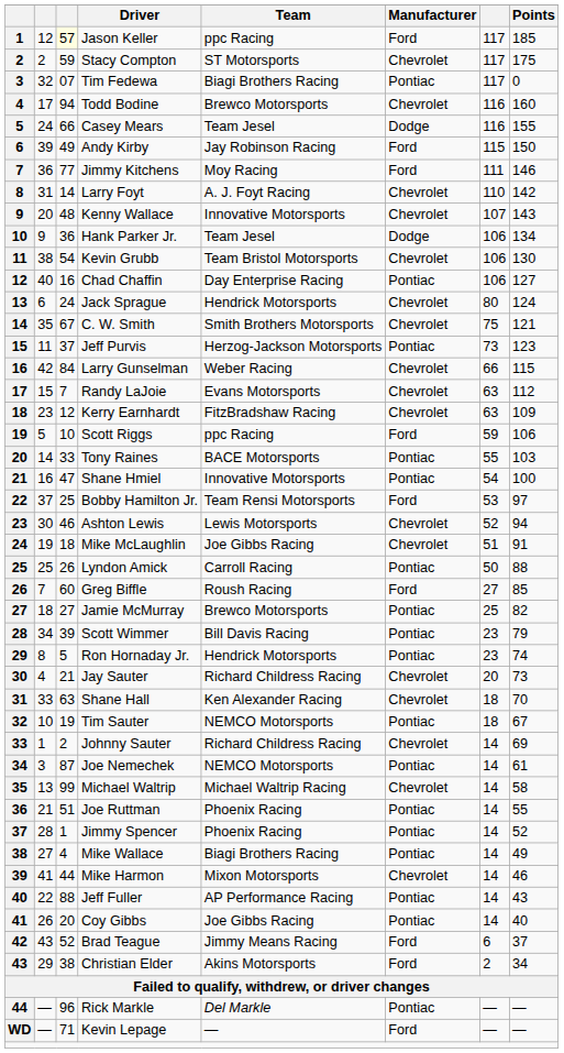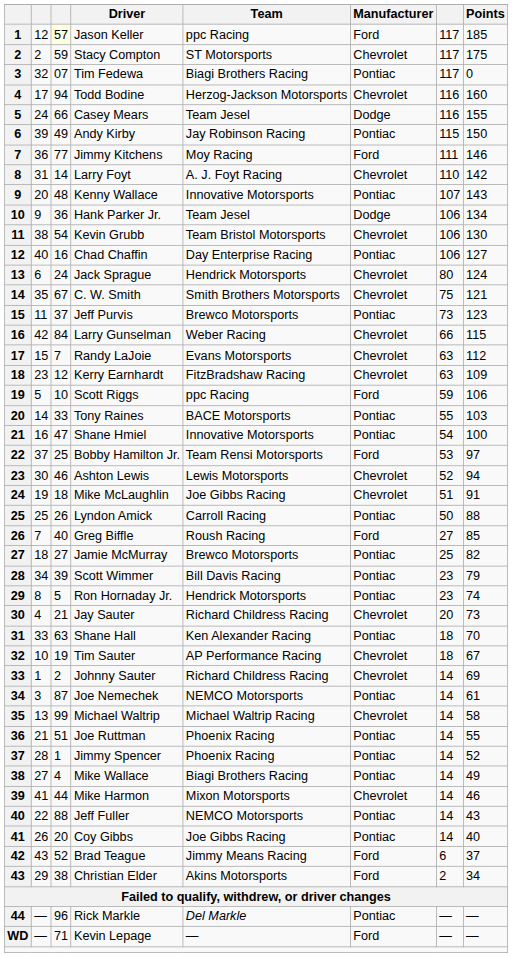 <table class="sortable wikitable" border="1">
 <tr>
 </tr>
 <tr>
 <th scope="col"></th>
 <th scope="col"></th>
 <th scope="col"></th>
 <th scope="col">Driver</th>
 <th scope="col">Team</th>
 <th scope="col">Manufacturer</th>
 <th scope="col"></th>
 <th scope="col">Points</th>
 </tr>
 <tr>
 <th scope="row">1</th>
 <td>12</td>
 <td style="background: lightyellow;">57</td>
 <td>Jason Keller</td>
 <td>ppc Racing</td>
 <td>Ford</td>
 <td>117</td>
 <td>185</td>
 </tr>
 <tr>
 <th scope="row">2</th>
 <td>2</td>
 <td>59</td>
 <td>Stacy Compton</td>
 <td>ST Motorsports</td>
 <td>Chevrolet</td>
 <td>117</td>
 <td>175</td>
 </tr>
 <tr>
 <th scope="row">3</th>
 <td>32</td>
 <td>07</td>
 <td>Tim Fedewa</td>
 <td>Biagi Brothers Racing</td>
 <td>Pontiac</td>
 <td>117</td>
 <td>0</td>
 </tr>
 <tr>
 <th scope="row">4</th>
 <td>17</td>
 <td>94</td>
 <td>Todd Bodine</td>
-<td>Brewco Motorsports</td>
+<td>Herzog-Jackson Motorsports</td>
 <td>Chevrolet</td>
 <td>116</td>
 <td>160</td>
 </tr>
 <tr>
 <th scope="row">5</th>
 <td>24</td>
 <td>66</td>
 <td>Casey Mears</td>
 <td>Team Jesel</td>
 <td>Dodge</td>
 <td>116</td>
 <td>155</td>
 </tr>
 <tr>
 <th scope="row">6</th>
 <td>39</td>
 <td>49</td>
 <td>Andy Kirby</td>
 <td>Jay Robinson Racing</td>
-<td>Ford</td>
+<td>Pontiac</td>
 <td>115</td>
 <td>150</td>
 </tr>
 <tr>
 <th scope="row">7</th>
 <td>36</td>
 <td>77</td>
 <td>Jimmy Kitchens</td>
 <td>Moy Racing</td>
 <td>Ford</td>
 <td>111</td>
 <td>146</td>
 </tr>
 <tr>
 <th scope="row">8</th>
 <td>31</td>
 <td>14</td>
 <td>Larry Foyt</td>
 <td>A. J. Foyt Racing</td>
 <td>Chevrolet</td>
 <td>110</td>
 <td>142</td>
 </tr>
 <tr>
 <th scope="row">9</th>
 <td>20</td>
 <td>48</td>
 <td>Kenny Wallace</td>
 <td>Innovative Motorsports</td>
-<td>Chevrolet</td>
+<td>Pontiac</td>
 <td>107</td>
 <td>143</td>
 </tr>
 <tr>
 <th scope="row">10</th>
 <td>9</td>
 <td>36</td>
 <td>Hank Parker Jr.</td>
 <td>Team Jesel</td>
 <td>Dodge</td>
 <td>106</td>
 <td>134</td>
 </tr>
 <tr>
 <th scope="row">11</th>
 <td>38</td>
 <td>54</td>
 <td>Kevin Grubb</td>
 <td>Team Bristol Motorsports</td>
 <td>Chevrolet</td>
 <td>106</td>
 <td>130</td>
 </tr>
 <tr>
 <th scope="row">12</th>
 <td>40</td>
 <td>16</td>
 <td>Chad Chaffin</td>
 <td>Day Enterprise Racing</td>
 <td>Pontiac</td>
 <td>106</td>
 <td>127</td>
 </tr>
 <tr>
 <th scope="row">13</th>
 <td>6</td>
 <td>24</td>
 <td>Jack Sprague</td>
 <td>Hendrick Motorsports</td>
 <td>Chevrolet</td>
 <td>80</td>
 <td>124</td>
 </tr>
 <tr>
 <th scope="row">14</th>
 <td>35</td>
 <td>67</td>
 <td>C. W. Smith</td>
 <td>Smith Brothers Motorsports</td>
 <td>Chevrolet</td>
 <td>75</td>
 <td>121</td>
 </tr>
 <tr>
 <th scope="row">15</th>
 <td>11</td>
 <td>37</td>
 <td>Jeff Purvis</td>
-<td>Herzog-Jackson Motorsports</td>
+<td>Brewco Motorsports</td>
 <td>Pontiac</td>
 <td>73</td>
 <td>123</td>
 </tr>
 <tr>
 <th scope="row">16</th>
 <td>42</td>
 <td>84</td>
 <td>Larry Gunselman</td>
 <td>Weber Racing</td>
 <td>Chevrolet</td>
 <td>66</td>
 <td>115</td>
 </tr>
 <tr>
 <th scope="row">17</th>
 <td>15</td>
 <td>7</td>
 <td>Randy LaJoie</td>
 <td>Evans Motorsports</td>
 <td>Chevrolet</td>
 <td>63</td>
 <td>112</td>
 </tr>
 <tr>
 <th scope="row">18</th>
 <td>23</td>
 <td>12</td>
 <td>Kerry Earnhardt</td>
 <td>FitzBradshaw Racing</td>
 <td>Chevrolet</td>
 <td>63</td>
 <td>109</td>
 </tr>
 <tr>
 <th scope="row">19</th>
 <td>5</td>
 <td>10</td>
 <td>Scott Riggs</td>
 <td>ppc Racing</td>
 <td>Ford</td>
 <td>59</td>
 <td>106</td>
 </tr>
 <tr>
 <th scope="row">20</th>
 <td>14</td>
 <td>33</td>
 <td>Tony Raines</td>
 <td>BACE Motorsports</td>
 <td>Pontiac</td>
 <td>55</td>
 <td>103</td>
 </tr>
 <tr>
 <th scope="row">21</th>
 <td>16</td>
 <td>47</td>
 <td>Shane Hmiel</td>
 <td>Innovative Motorsports</td>
 <td>Pontiac</td>
 <td>54</td>
 <td>100</td>
 </tr>
 <tr>
 <th scope="row">22</th>
 <td>37</td>
 <td>25</td>
 <td>Bobby Hamilton Jr.</td>
 <td>Team Rensi Motorsports</td>
 <td>Ford</td>
 <td>53</td>
 <td>97</td>
 </tr>
 <tr>
 <th scope="row">23</th>
 <td>30</td>
 <td>46</td>
 <td>Ashton Lewis</td>
 <td>Lewis Motorsports</td>
 <td>Chevrolet</td>
 <td>52</td>
 <td>94</td>
 </tr>
 <tr>
 <th scope="row">24</th>
 <td>19</td>
 <td>18</td>
 <td>Mike McLaughlin</td>
 <td>Joe Gibbs Racing</td>
 <td>Chevrolet</td>
 <td>51</td>
 <td>91</td>
 </tr>
 <tr>
 <th scope="row">25</th>
 <td>25</td>
 <td>26</td>
 <td>Lyndon Amick</td>
 <td>Carroll Racing</td>
 <td>Pontiac</td>
 <td>50</td>
 <td>88</td>
 </tr>
 <tr>
 <th scope="row">26</th>
 <td>7</td>
-<td>60</td>
+<td>40</td>
 <td>Greg Biffle</td>
 <td>Roush Racing</td>
 <td>Ford</td>
 <td>27</td>
 <td>85</td>
 </tr>
 <tr>
 <th scope="row">27</th>
 <td>18</td>
 <td>27</td>
 <td>Jamie McMurray</td>
 <td>Brewco Motorsports</td>
 <td>Pontiac</td>
 <td>25</td>
 <td>82</td>
 </tr>
 <tr>
 <th scope="row">28</th>
 <td>34</td>
 <td>39</td>
 <td>Scott Wimmer</td>
 <td>Bill Davis Racing</td>
 <td>Pontiac</td>
 <td>23</td>
 <td>79</td>
 </tr>
 <tr>
 <th scope="row">29</th>
 <td>8</td>
 <td>5</td>
 <td>Ron Hornaday Jr.</td>
 <td>Hendrick Motorsports</td>
 <td>Pontiac</td>
 <td>23</td>
 <td>74</td>
 </tr>
 <tr>
 <th scope="row">30</th>
 <td>4</td>
 <td>21</td>
 <td>Jay Sauter</td>
 <td>Richard Childress Racing</td>
 <td>Chevrolet</td>
 <td>20</td>
 <td>73</td>
 </tr>
 <tr>
 <th scope="row">31</th>
 <td>33</td>
 <td>63</td>
 <td>Shane Hall</td>
 <td>Ken Alexander Racing</td>
-<td>Chevrolet</td>
+<td>Pontiac</td>
 <td>18</td>
 <td>70</td>
 </tr>
 <tr>
 <th scope="row">32</th>
 <td>10</td>
 <td>19</td>
 <td>Tim Sauter</td>
-<td>NEMCO Motorsports</td>
-<td>Pontiac</td>
+<td>AP Performance Racing</td>
+<td>Chevrolet</td>
 <td>18</td>
 <td>67</td>
 </tr>
 <tr>
 <th scope="row">33</th>
 <td>1</td>
 <td>2</td>
 <td>Johnny Sauter</td>
 <td>Richard Childress Racing</td>
 <td>Chevrolet</td>
 <td>14</td>
 <td>69</td>
 </tr>
 <tr>
 <th scope="row">34</th>
 <td>3</td>
 <td>87</td>
 <td>Joe Nemechek</td>
 <td>NEMCO Motorsports</td>
 <td>Pontiac</td>
 <td>14</td>
 <td>61</td>
 </tr>
 <tr>
 <th scope="row">35</th>
 <td>13</td>
 <td>99</td>
 <td>Michael Waltrip</td>
 <td>Michael Waltrip Racing</td>
 <td>Chevrolet</td>
 <td>14</td>
 <td>58</td>
 </tr>
 <tr>
 <th scope="row">36</th>
 <td>21</td>
 <td>51</td>
 <td>Joe Ruttman</td>
 <td>Phoenix Racing</td>
 <td>Pontiac</td>
 <td>14</td>
 <td>55</td>
 </tr>
 <tr>
 <th scope="row">37</th>
 <td>28</td>
 <td>1</td>
 <td>Jimmy Spencer</td>
 <td>Phoenix Racing</td>
 <td>Pontiac</td>
 <td>14</td>
 <td>52</td>
 </tr>
 <tr>
 <th scope="row">38</th>
 <td>27</td>
 <td>4</td>
 <td>Mike Wallace</td>
 <td>Biagi Brothers Racing</td>
 <td>Pontiac</td>
 <td>14</td>
 <td>49</td>
 </tr>
 <tr>
 <th scope="row">39</th>
 <td>41</td>
 <td>44</td>
 <td>Mike Harmon</td>
 <td>Mixon Motorsports</td>
 <td>Chevrolet</td>
 <td>14</td>
 <td>46</td>
 </tr>
 <tr>
 <th scope="row">40</th>
 <td>22</td>
 <td>88</td>
 <td>Jeff Fuller</td>
-<td>AP Performance Racing</td>
+<td>NEMCO Motorsports</td>
 <td>Pontiac</td>
 <td>14</td>
 <td>43</td>
 </tr>
 <tr>
 <th scope="row">41</th>
 <td>26</td>
 <td>20</td>
 <td>Coy Gibbs</td>
 <td>Joe Gibbs Racing</td>
 <td>Pontiac</td>
 <td>14</td>
 <td>40</td>
 </tr>
 <tr>
 <th scope="row">42</th>
 <td>43</td>
 <td>52</td>
 <td>Brad Teague</td>
 <td>Jimmy Means Racing</td>
 <td>Ford</td>
 <td>6</td>
 <td>37</td>
 </tr>
 <tr>
 <th scope="row">43</th>
 <td>29</td>
 <td>38</td>
 <td>Christian Elder</td>
 <td>Akins Motorsports</td>
 <td>Ford</td>
 <td>2</td>
 <td>34</td>
 </tr>
 <tr>
 <th colspan="9"><strong>Failed to qualify, withdrew, or driver changes</strong></th>
 </tr>
 <tr>
 <th scope="row">44</th>
 <td>—</td>
 <td>96</td>
 <td>Rick Markle</td>
 <td><em>Del Markle</em></td>
 <td>Pontiac</td>
 <td>—</td>
 <td>—</td>
 </tr>
 <tr>
 <th scope="row">WD</th>
 <td>—</td>
 <td>71</td>
 <td>Kevin Lepage</td>
 <td>—</td>
 <td>Ford</td>
 <td>—</td>
 <td>—</td>
 </tr>
 <tr class="sortbottom">
 <td colspan="9"></td>
 </tr>
 </table>
